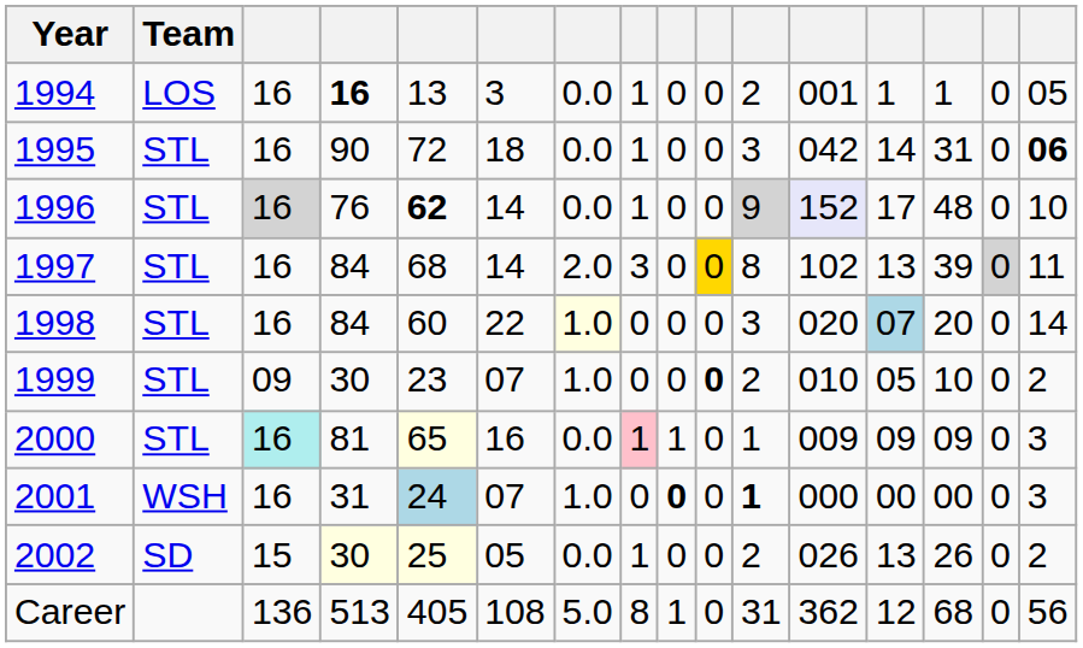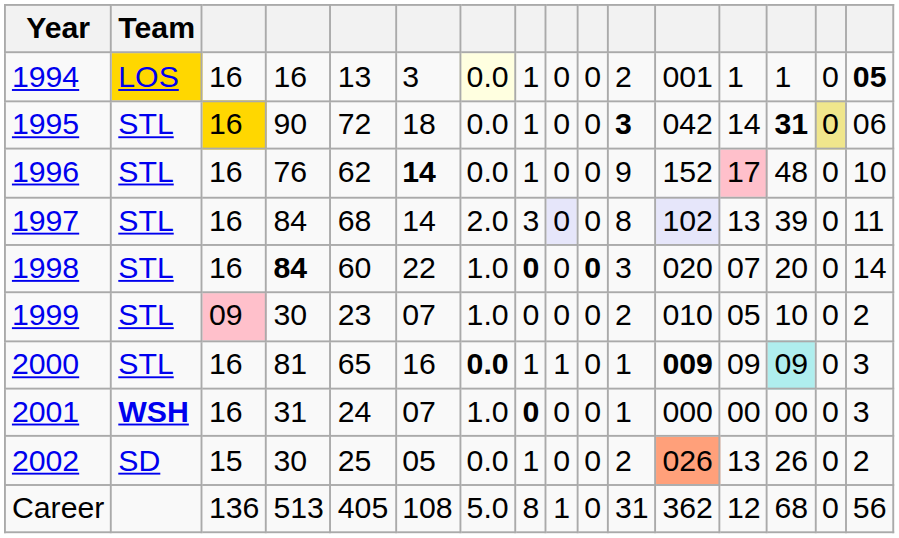 <table class="wikitable sortable">
 <tr>
 <th>Year</th>
 <th>Team</th>
 <th></th>
 <th></th>
 <th></th>
 <th></th>
 <th></th>
 <th></th>
 <th></th>
 <th></th>
 <th></th>
 <th></th>
 <th></th>
 <th></th>
 <th></th>
 <th></th>
 </tr>
 <tr>
 <td><a href='#'>1994</a></td>
-<td><a href='#'>LOS</a></td>
+<td style="background: gold;"><a href='#'>LOS</a></td>
 <td>16</td>
-<td><strong>16</strong></td>
+<td>16</td>
 <td>13</td>
 <td>3</td>
-<td>0.0</td>
+<td style="background: lightyellow;">0.0</td>
 <td>1</td>
 <td>0</td>
 <td>0</td>
 <td>2</td>
 <td>001</td>
 <td>1</td>
 <td>1</td>
 <td>0</td>
-<td>05</td>
+<td><strong>05</strong></td>
 </tr>
 <tr>
 <td><a href='#'>1995</a></td>
 <td><a href='#'>STL</a></td>
-<td>16</td>
+<td style="background: gold;">16</td>
 <td>90</td>
 <td>72</td>
 <td>18</td>
 <td>0.0</td>
 <td>1</td>
 <td>0</td>
 <td>0</td>
-<td>3</td>
+<td><strong>3</strong></td>
 <td>042</td>
 <td>14</td>
-<td>31</td>
-<td>0</td>
-<td><strong>06</strong></td>
+<td><strong>31</strong></td>
+<td style="background: khaki;">0</td>
+<td>06</td>
 </tr>
 <tr>
 <td><a href='#'>1996</a></td>
 <td><a href='#'>STL</a></td>
-<td style="background: lightgrey;">16</td>
+<td>16</td>
 <td>76</td>
-<td><strong>62</strong></td>
-<td>14</td>
+<td>62</td>
+<td><strong>14</strong></td>
 <td>0.0</td>
 <td>1</td>
 <td>0</td>
 <td>0</td>
-<td style="background: lightgrey;">9</td>
-<td style="background: lavender;">152</td>
-<td>17</td>
+<td>9</td>
+<td>152</td>
+<td style="background: pink;">17</td>
 <td>48</td>
 <td>0</td>
 <td>10</td>
 </tr>
 <tr>
 <td><a href='#'>1997</a></td>
 <td><a href='#'>STL</a></td>
 <td>16</td>
 <td>84</td>
 <td>68</td>
 <td>14</td>
 <td>2.0</td>
 <td>3</td>
+<td style="background: lavender;">0</td>
 <td>0</td>
-<td style="background: gold;">0</td>
 <td>8</td>
-<td>102</td>
+<td style="background: lavender;">102</td>
 <td>13</td>
 <td>39</td>
-<td style="background: lightgrey;">0</td>
+<td>0</td>
 <td>11</td>
 </tr>
 <tr>
 <td><a href='#'>1998</a></td>
 <td><a href='#'>STL</a></td>
 <td>16</td>
-<td>84</td>
+<td><strong>84</strong></td>
 <td>60</td>
 <td>22</td>
-<td style="background: lightyellow;">1.0</td>
+<td>1.0</td>
+<td><strong>0</strong></td>
 <td>0</td>
-<td>0</td>
-<td>0</td>
+<td><strong>0</strong></td>
 <td>3</td>
 <td>020</td>
-<td style="background: lightblue;">07</td>
+<td>07</td>
 <td>20</td>
 <td>0</td>
 <td>14</td>
 </tr>
 <tr>
 <td><a href='#'>1999</a></td>
 <td><a href='#'>STL</a></td>
-<td>09</td>
+<td style="background: pink;">09</td>
 <td>30</td>
 <td>23</td>
 <td>07</td>
 <td>1.0</td>
 <td>0</td>
 <td>0</td>
-<td><strong>0</strong></td>
+<td>0</td>
 <td>2</td>
 <td>010</td>
 <td>05</td>
 <td>10</td>
 <td>0</td>
 <td>2</td>
 </tr>
 <tr>
 <td><a href='#'>2000</a></td>
 <td><a href='#'>STL</a></td>
-<td style="background: paleturquoise;">16</td>
+<td>16</td>
 <td>81</td>
-<td style="background: lightyellow;">65</td>
+<td>65</td>
 <td>16</td>
-<td>0.0</td>
-<td style="background: pink;">1</td>
+<td><strong>0.0</strong></td>
+<td>1</td>
 <td>1</td>
 <td>0</td>
 <td>1</td>
-<td>009</td>
+<td><strong>009</strong></td>
 <td>09</td>
-<td>09</td>
+<td style="background: paleturquoise;">09</td>
 <td>0</td>
 <td>3</td>
 </tr>
 <tr>
 <td><a href='#'>2001</a></td>
-<td><a href='#'>WSH</a></td>
+<td><strong><a href='#'>WSH</a></strong></td>
 <td>16</td>
 <td>31</td>
-<td style="background: lightblue;">24</td>
+<td>24</td>
 <td>07</td>
 <td>1.0</td>
-<td>0</td>
 <td><strong>0</strong></td>
 <td>0</td>
-<td><strong>1</strong></td>
+<td>0</td>
+<td>1</td>
 <td>000</td>
 <td>00</td>
 <td>00</td>
 <td>0</td>
 <td>3</td>
 </tr>
 <tr>
 <td><a href='#'>2002</a></td>
 <td><a href='#'>SD</a></td>
 <td>15</td>
-<td style="background: lightyellow;">30</td>
-<td style="background: lightyellow;">25</td>
+<td>30</td>
+<td>25</td>
 <td>05</td>
 <td>0.0</td>
 <td>1</td>
 <td>0</td>
 <td>0</td>
 <td>2</td>
-<td>026</td>
+<td style="background: lightsalmon;">026</td>
 <td>13</td>
 <td>26</td>
 <td>0</td>
 <td>2</td>
 </tr>
 <tr class="sortbottom">
 <td>Career</td>
 <td></td>
 <td>136</td>
 <td>513</td>
 <td>405</td>
 <td>108</td>
 <td>5.0</td>
 <td>8</td>
 <td>1</td>
 <td>0</td>
 <td>31</td>
 <td>362</td>
 <td>12</td>
 <td>68</td>
 <td>0</td>
 <td>56</td>
 </tr>
 </table>
